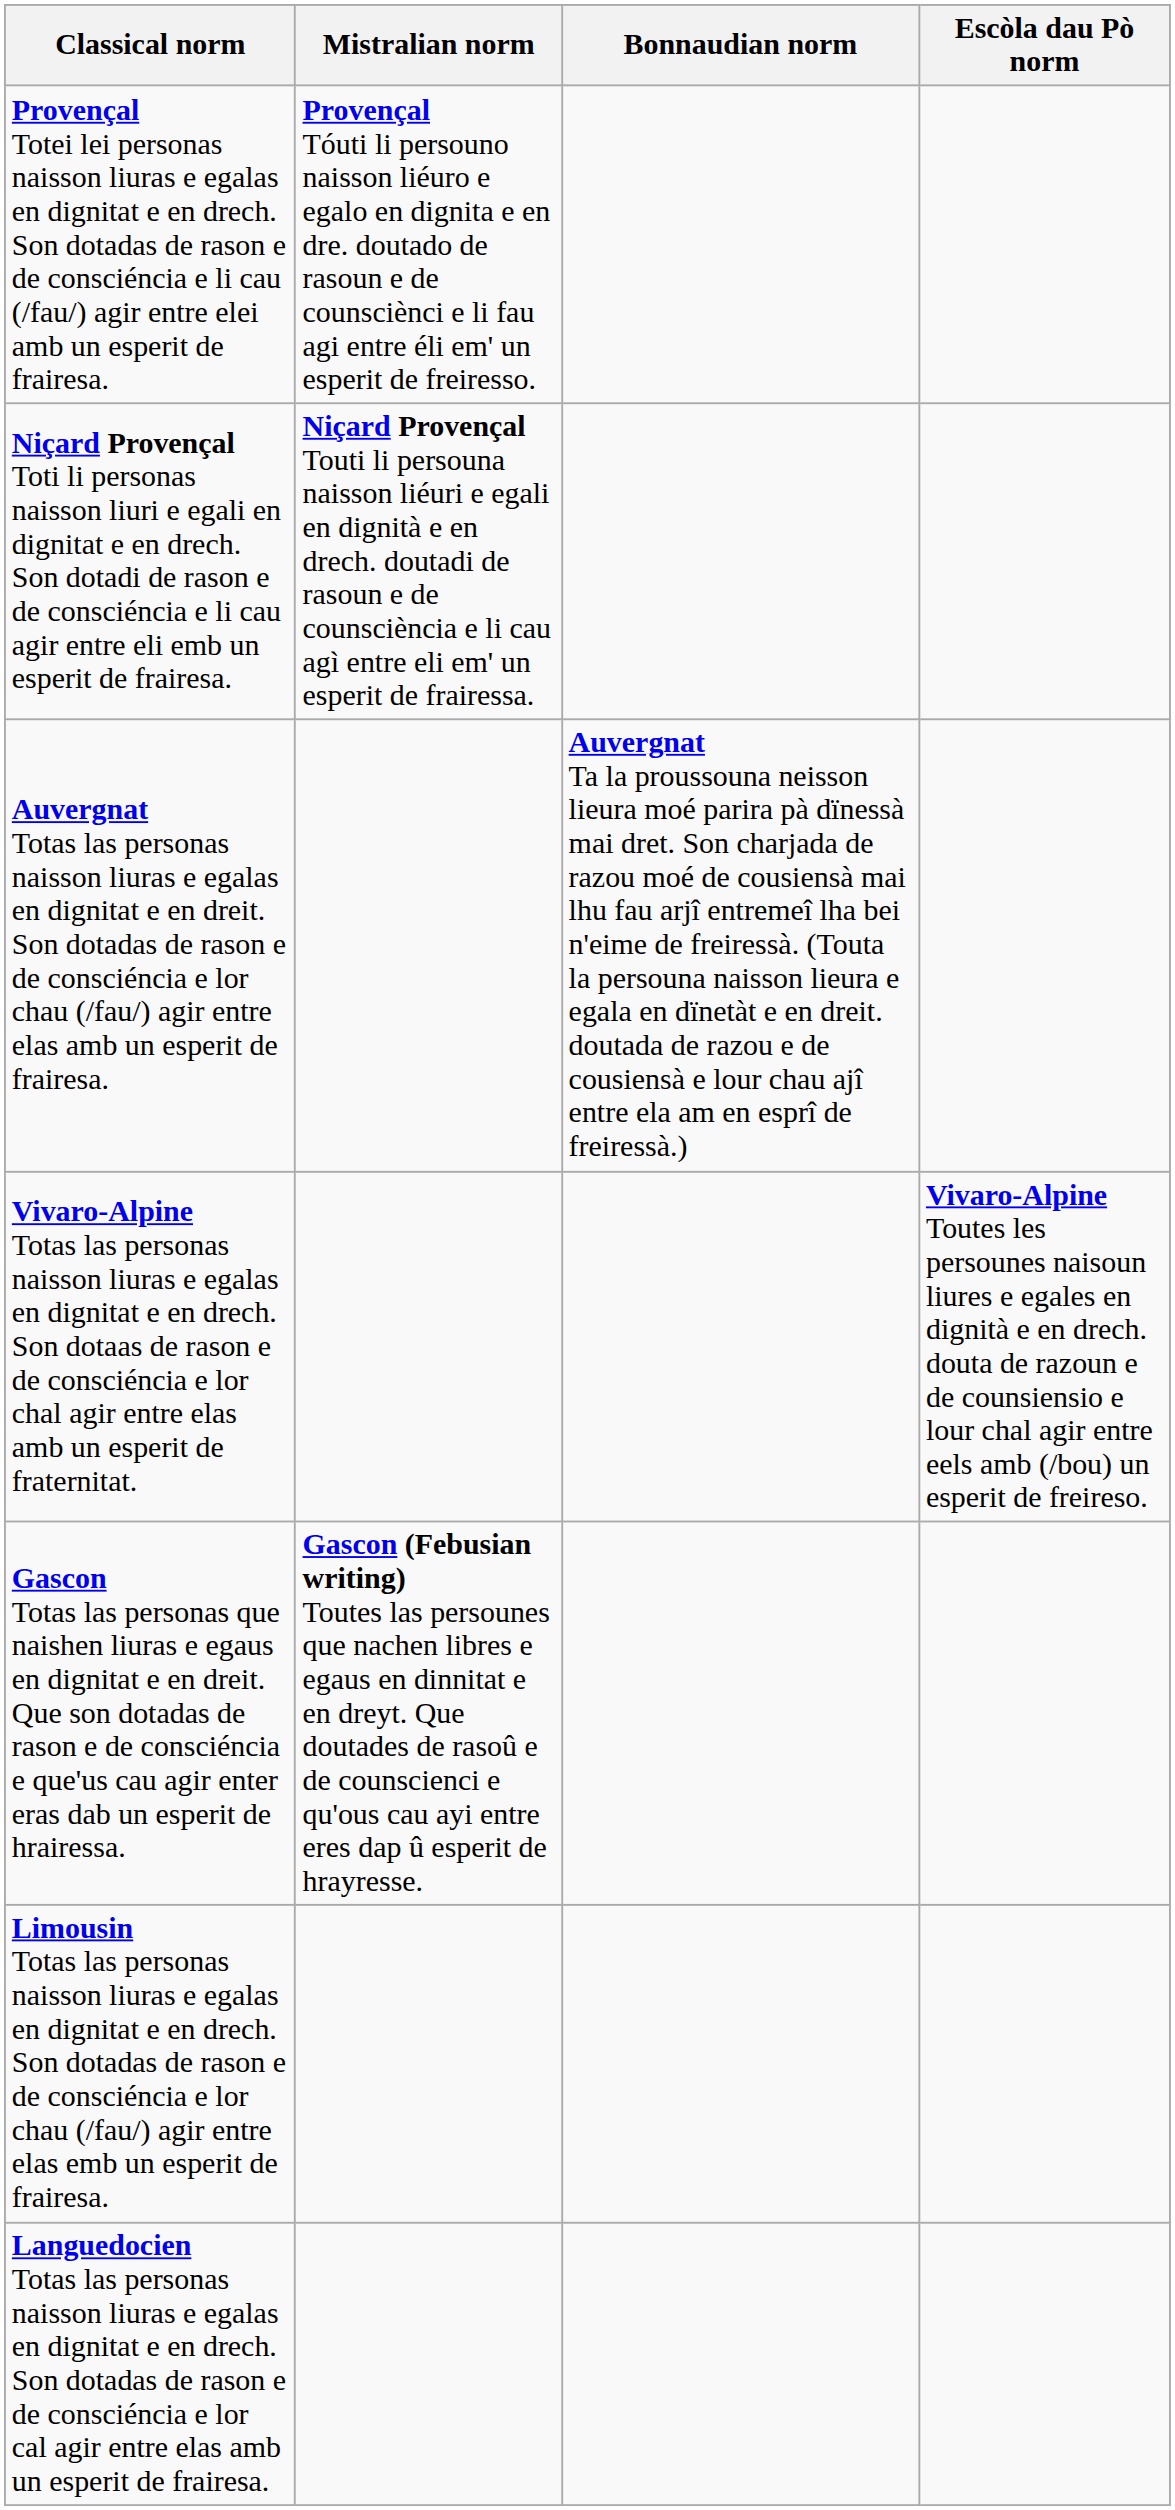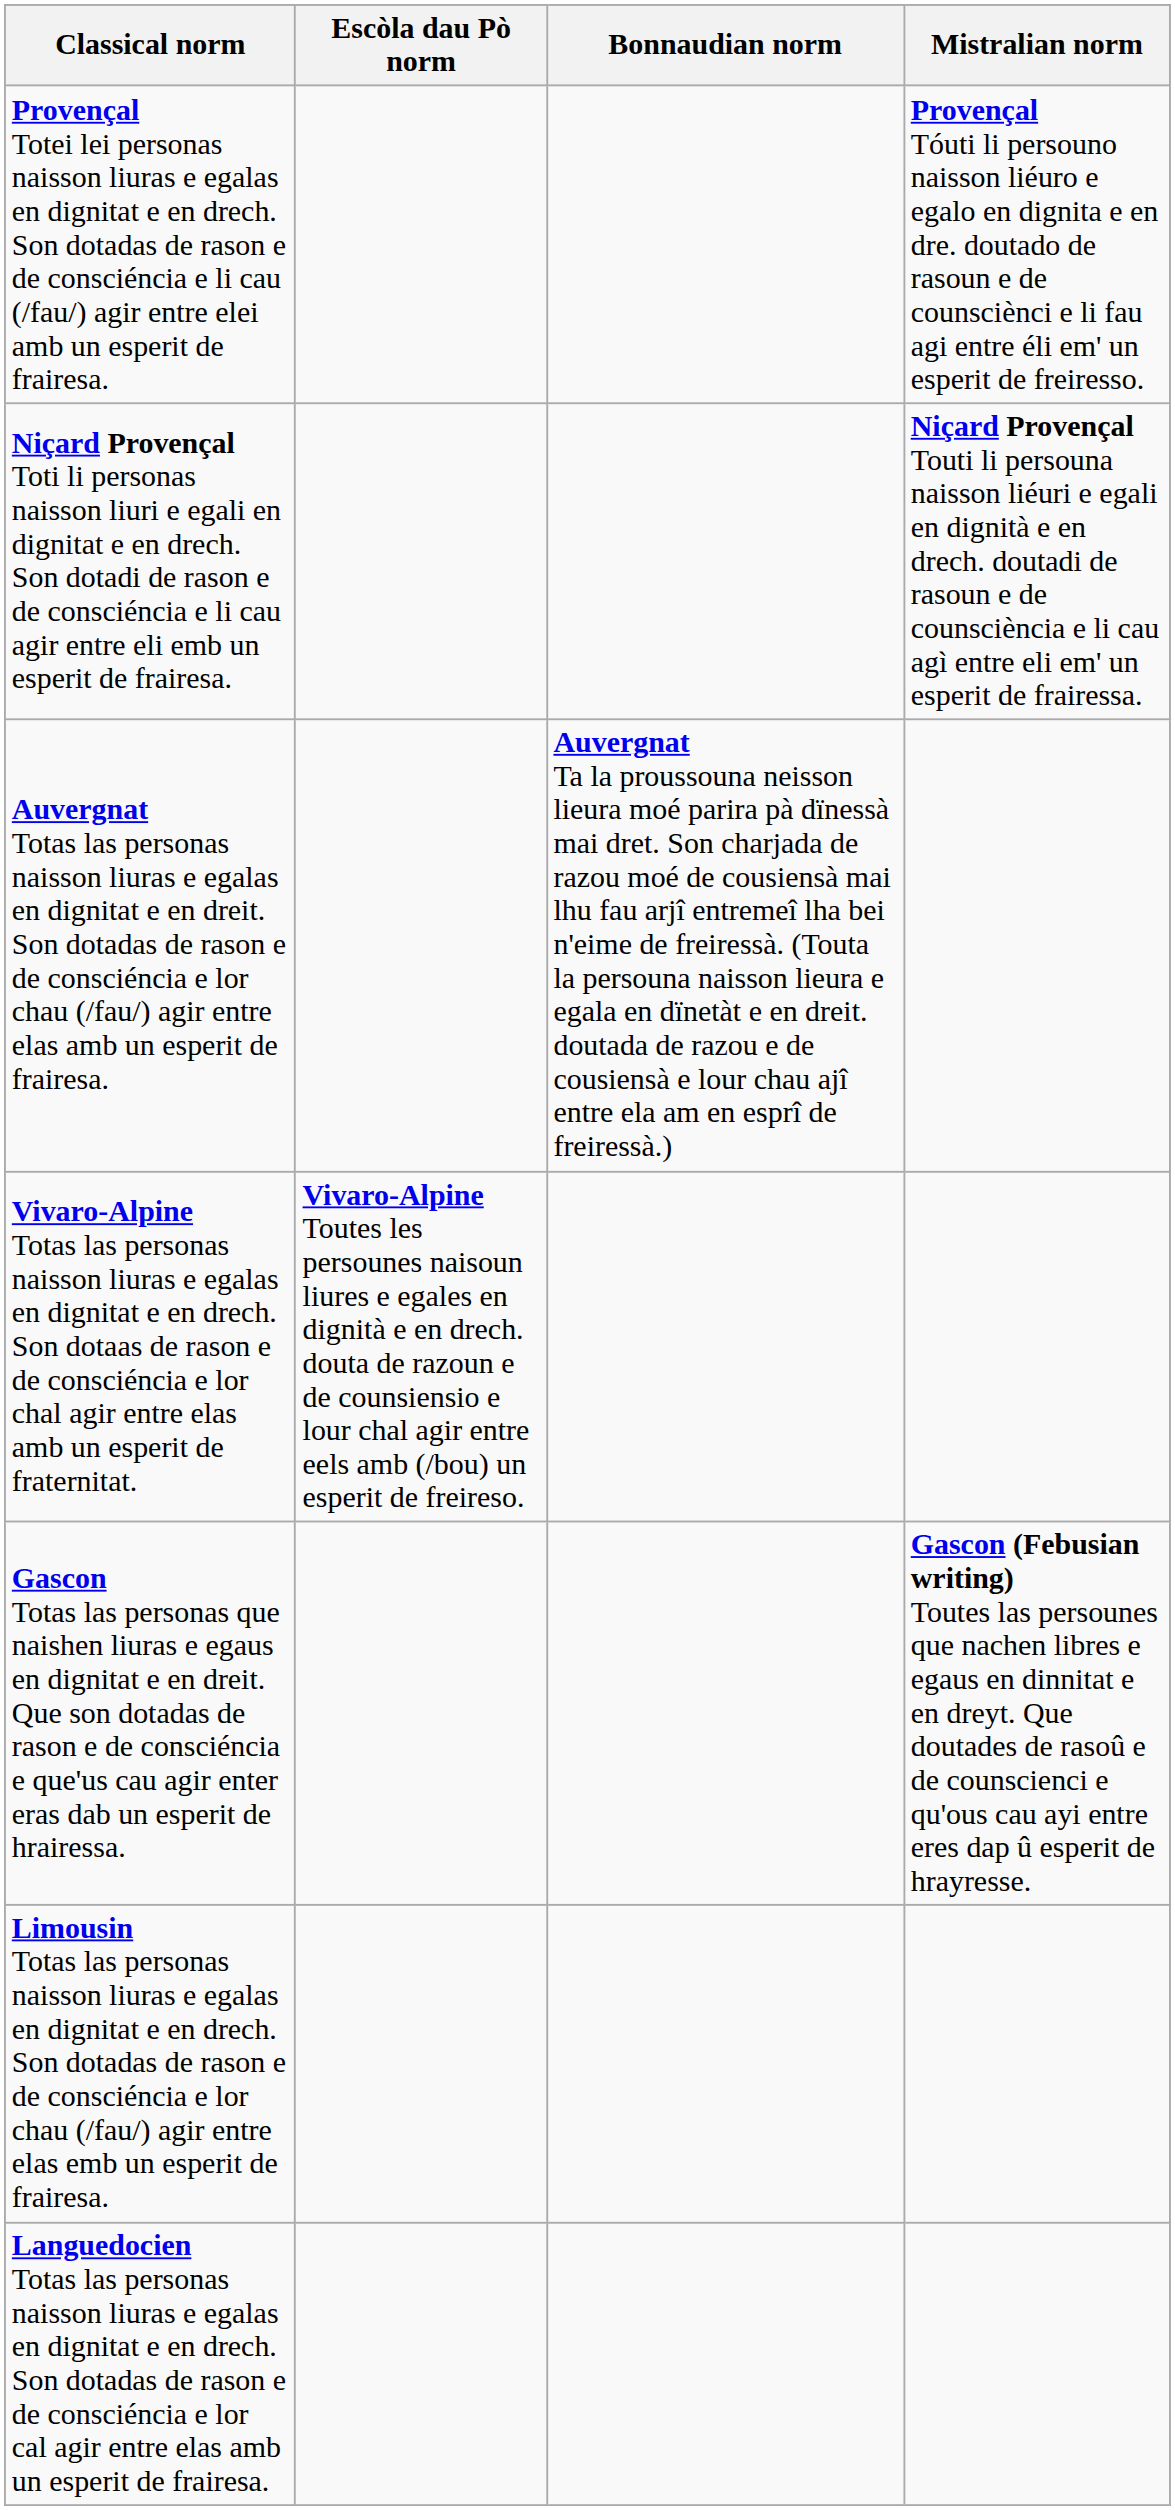 <table class="wikitable"  style="margin:1em auto;" align="center">
 <tr>
 <th>Classical norm</th>
+<th>Escòla dau Pò norm</th>
+<th>Bonnaudian norm</th>
 <th>Mistralian norm</th>
-<th>Bonnaudian norm</th>
-<th>Escòla dau Pò norm</th>
 </tr>
 <tr>
 <td><strong><a href='#'>Provençal</a></strong><br> Totei lei personas naisson liuras e egalas en dignitat e en drech. Son dotadas de rason e de consciéncia e li cau (/fau/) agir entre elei amb un esperit de frairesa.</td>
-<td><strong><a href='#'>Provençal</a></strong><br> Tóuti li persouno naisson liéuro e egalo en dignita e en dre.  doutado de rasoun e de counsciènci e li fau agi entre éli em' un esperit de freiresso.</td>
 <td></td>
 <td></td>
+<td><strong><a href='#'>Provençal</a></strong><br> Tóuti li persouno naisson liéuro e egalo en dignita e en dre.  doutado de rasoun e de counsciènci e li fau agi entre éli em' un esperit de freiresso.</td>
 </tr>
 <tr>
 <td><strong><a href='#'>Niçard</a> Provençal</strong><br> Toti li personas naisson liuri e egali en dignitat e en drech. Son dotadi de rason e de consciéncia e li cau agir entre eli emb un esperit de frairesa.</td>
-<td><strong><a href='#'>Niçard</a> Provençal</strong><br> Touti li persouna naisson liéuri e egali en dignità e en drech.  doutadi de rasoun e de counsciència e li cau agì entre eli em' un esperit de frairessa.</td>
 <td></td>
 <td></td>
+<td><strong><a href='#'>Niçard</a> Provençal</strong><br> Touti li persouna naisson liéuri e egali en dignità e en drech.  doutadi de rasoun e de counsciència e li cau agì entre eli em' un esperit de frairessa.</td>
 </tr>
 <tr>
 <td><strong><a href='#'>Auvergnat</a></strong><br> Totas las personas naisson liuras e egalas en dignitat e en dreit. Son dotadas de rason e de consciéncia e lor chau (/fau/) agir entre elas amb un esperit de frairesa.</td>
 <td></td>
 <td><strong><a href='#'>Auvergnat</a></strong><br>Ta la proussouna neisson lieura moé parira pà dïnessà mai dret. Son charjada de razou moé de cousiensà mai lhu fau arjî entremeî lha bei n'eime de freiressà. (Touta la persouna naisson lieura e egala en dïnetàt e en dreit.  doutada de razou e de cousiensà e lour chau ajî entre ela am en esprî de freiressà.)</td>
 <td></td>
 </tr>
 <tr>
 <td><strong><a href='#'>Vivaro-Alpine</a></strong><br> Totas las personas naisson liuras e egalas en dignitat e en drech. Son dotaas de rason e de consciéncia e lor chal agir entre elas amb un esperit de fraternitat.</td>
+<td><strong><a href='#'>Vivaro-Alpine</a></strong><br> Toutes les persounes naisoun liures e egales en dignità e en drech.  douta de razoun e de counsiensio e lour chal agir entre eels amb (/bou) un esperit de freireso.</td>
 <td></td>
 <td></td>
-<td><strong><a href='#'>Vivaro-Alpine</a></strong><br> Toutes les persounes naisoun liures e egales en dignità e en drech.  douta de razoun e de counsiensio e lour chal agir entre eels amb (/bou) un esperit de freireso.</td>
 </tr>
 <tr>
 <td><strong><a href='#'>Gascon</a></strong><br> Totas las personas que naishen liuras e egaus en dignitat e en dreit. Que son dotadas de rason e de consciéncia e que'us cau agir enter eras dab un esperit de hrairessa.</td>
-<td><strong><a href='#'>Gascon</a> (Febusian writing)</strong><br> Toutes las persounes que nachen libres e egaus en dinnitat e en dreyt. Que  doutades de rasoû e de counscienci e qu'ous cau ayi entre eres dap û esperit de hrayresse.</td>
 <td></td>
 <td></td>
+<td><strong><a href='#'>Gascon</a> (Febusian writing)</strong><br> Toutes las persounes que nachen libres e egaus en dinnitat e en dreyt. Que  doutades de rasoû e de counscienci e qu'ous cau ayi entre eres dap û esperit de hrayresse.</td>
 </tr>
 <tr>
 <td><strong><a href='#'>Limousin</a></strong><br> Totas las personas naisson liuras e egalas en dignitat e en drech. Son dotadas de rason e de consciéncia e lor chau (/fau/) agir entre elas emb un esperit de frairesa.</td>
 <td></td>
 <td></td>
 <td></td>
 </tr>
 <tr>
 <td><strong><a href='#'>Languedocien</a></strong><br>Totas las personas naisson liuras e egalas en dignitat e en drech. Son dotadas de rason e de consciéncia e lor cal agir entre elas amb un esperit de frairesa.</td>
 <td></td>
 <td></td>
 <td></td>
 </tr>
 </table>
